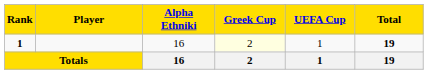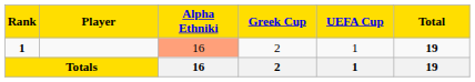 <table class="wikitable sortable" style="text-align:center">
 <tr>
 <th style="background:#FFDE00">Rank</th>
 <th width=200 style="background:#FFDE00">Player</th>
 <th width=120 style="background:#FFDE00"><a href='#'>Alpha Ethniki</a></th>
 <th width=120 style="background:#FFDE00"><a href='#'>Greek Cup</a></th>
 <th width=120 style="background:#FFDE00"><a href='#'>UEFA Cup</a></th>
 <th width=120 style="background:#FFDE00">Total</th>
 </tr>
 <tr>
 <td><strong>1</strong></td>
 <td align=left></td>
-<td>16</td>
-<td style="background: lightyellow;">2</td>
+<td style="background: lightsalmon;">16</td>
+<td>2</td>
 <td>1</td>
 <td><strong>19</strong></td>
 </tr>
 <tr class="sortbottom">
 <th colspan=2 style="background:#FFDE00"><strong>Totals</strong></th>
 <th><strong>16</strong></th>
 <th><strong> 2</strong></th>
 <th><strong> 1</strong></th>
 <th><strong>19</strong></th>
 </tr>
 </table>
